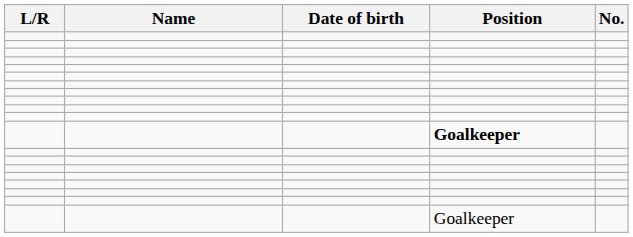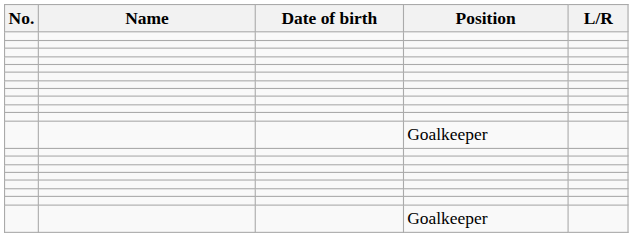 <table class="wikitable sortable" style=font-size:100%; text-align:center;>
 <tr>
-<th style=width:3em>L/R</th>
+<th>No.</th>
 <th style=width:12em>Name</th>
 <th style=width:8em>Date of birth</th>
 <th style=width:9em>Position</th>
-<th>No.</th>
+<th style=width:3em>L/R</th>
 </tr>
 <tr>
 <td></td>
 <td align=left></td>
 <td align=right></td>
 <td></td>
 <td></td>
 </tr>
 <tr>
 <td></td>
 <td align=left></td>
 <td align=right></td>
 <td></td>
 <td></td>
 </tr>
 <tr>
 <td></td>
 <td align=left></td>
 <td align=right></td>
 <td></td>
 <td></td>
 </tr>
 <tr>
 <td></td>
 <td align=left></td>
 <td align=right></td>
 <td></td>
 <td></td>
 </tr>
 <tr>
 <td></td>
 <td align=left></td>
 <td align=right></td>
 <td></td>
 <td></td>
 </tr>
 <tr>
 <td></td>
 <td align=left></td>
 <td align=right></td>
 <td></td>
 <td></td>
 </tr>
 <tr>
 <td></td>
 <td align=left></td>
 <td align=right></td>
 <td></td>
 <td></td>
 </tr>
 <tr>
 <td></td>
 <td align=left></td>
 <td align=right></td>
 <td></td>
 <td></td>
 </tr>
 <tr>
 <td></td>
 <td align=left></td>
 <td align=right></td>
 <td></td>
 <td></td>
 </tr>
 <tr>
 <td></td>
 <td align=left></td>
 <td align=right></td>
 <td></td>
 <td></td>
 </tr>
 <tr>
 <td></td>
 <td align=left></td>
 <td align=right></td>
 <td></td>
 <td></td>
 </tr>
 <tr>
 <td></td>
 <td align=left></td>
 <td align=right></td>
-<td><strong>Goalkeeper</strong></td>
+<td>Goalkeeper</td>
 <td></td>
 </tr>
 <tr>
 <td></td>
 <td align=left></td>
 <td align=right></td>
 <td></td>
 <td></td>
 </tr>
 <tr>
 <td></td>
 <td align=left></td>
 <td align=right></td>
 <td></td>
 <td></td>
 </tr>
 <tr>
 <td></td>
 <td align=left></td>
 <td align=right></td>
 <td></td>
 <td></td>
 </tr>
 <tr>
 <td></td>
 <td align=left></td>
 <td align=right></td>
 <td></td>
 <td></td>
 </tr>
 <tr>
 <td></td>
 <td align=left></td>
 <td align=right></td>
 <td></td>
 <td></td>
 </tr>
 <tr>
 <td></td>
 <td align=left></td>
 <td align=right></td>
 <td></td>
 <td></td>
 </tr>
 <tr>
 <td></td>
 <td align=left></td>
 <td align=right></td>
 <td></td>
 <td></td>
 </tr>
 <tr>
 <td></td>
 <td align=left></td>
 <td align=right></td>
 <td>Goalkeeper</td>
 <td></td>
 </tr>
 </table>
